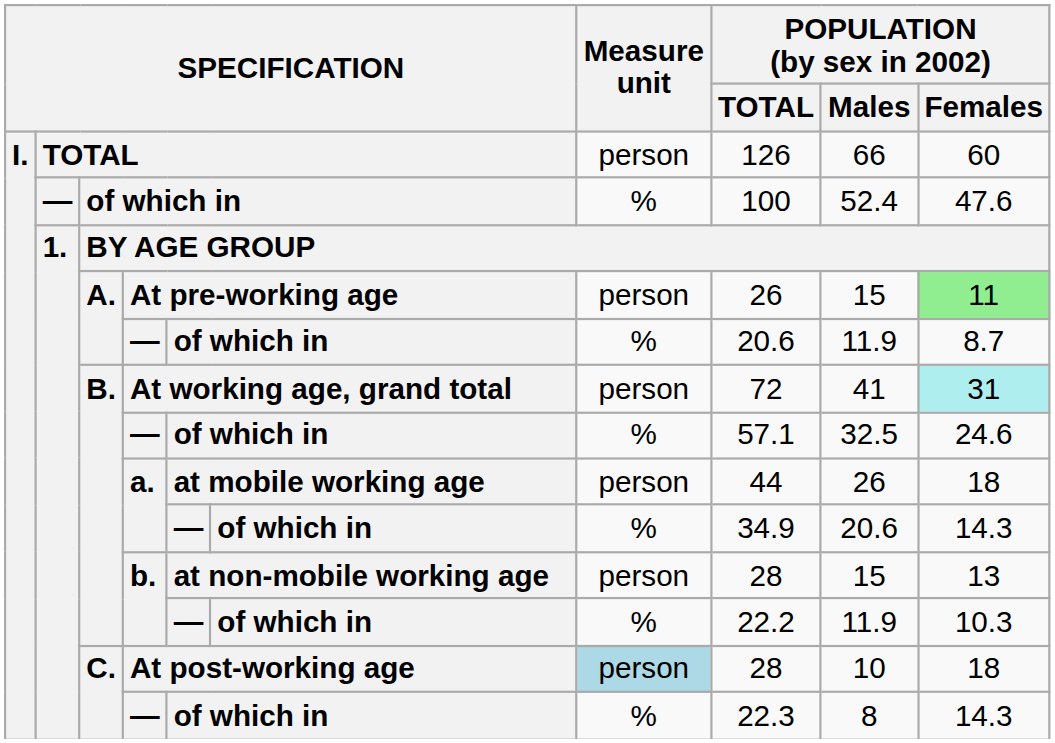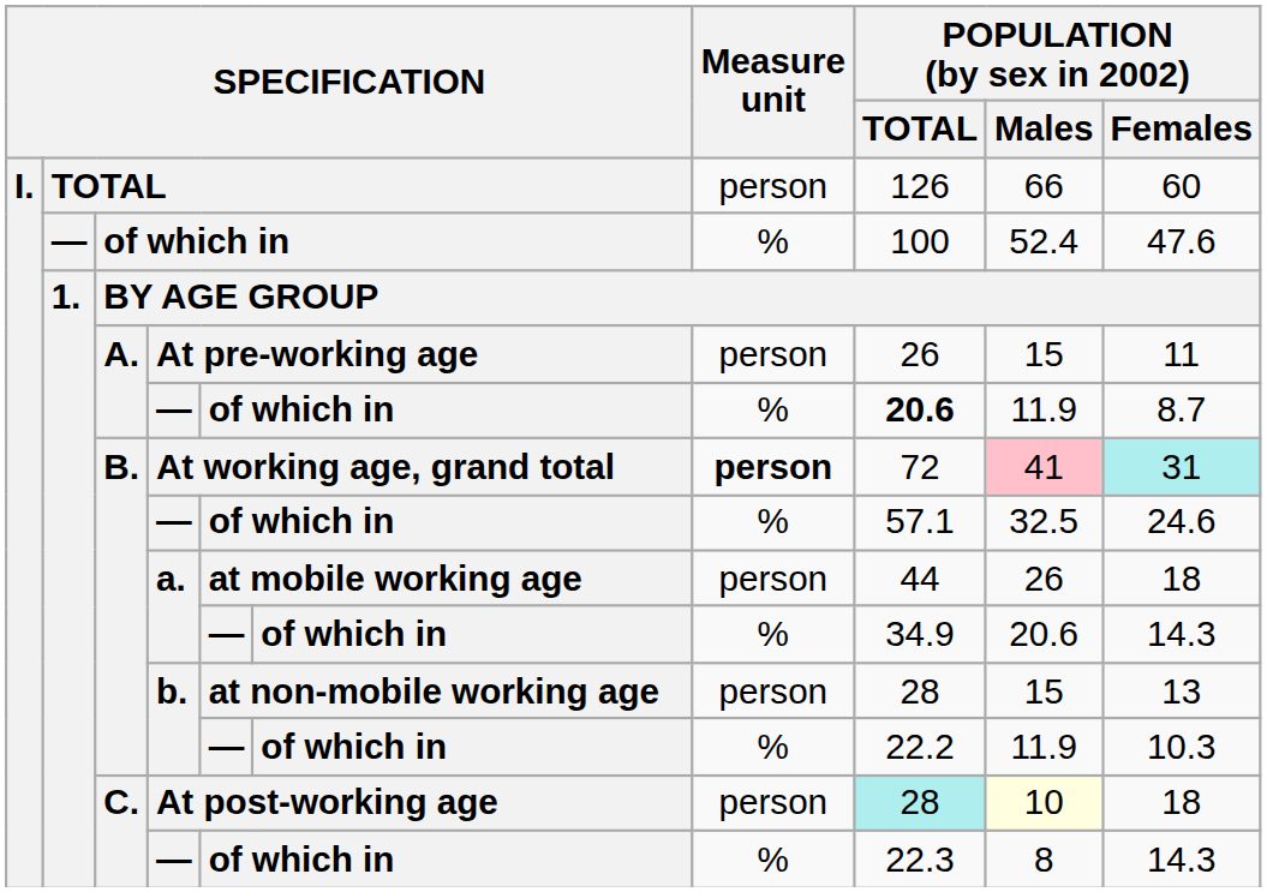 <table class="wikitable" style="font-size:85%; text-align:center">
 <tr>
 <th rowspan="2" colspan="6">SPECIFICATION</th>
 <th rowspan="2">Measure<br> unit</th>
 <th colspan="3" rowspan="1">POPULATION<br> (by sex in 2002)</th>
 </tr>
 <tr>
 <th>TOTAL</th>
 <th>Males</th>
 <th>Females</th>
 </tr>
 <tr>
 <th style="text-align:left" valign="top" rowspan="13">I.</th>
 <th style="text-align:left" colspan="5">TOTAL</th>
 <td>person</td>
 <td>126</td>
 <td>66</td>
 <td>60</td>
 </tr>
 <tr>
 <th style="text-align:left" valign="top">—</th>
 <th style="text-align:left" colspan="4">of which in</th>
 <td>%</td>
 <td>100</td>
 <td>52.4</td>
 <td>47.6</td>
 </tr>
 <tr>
 <th style="text-align:left" valign="top" rowspan="11">1.</th>
 <th style="text-align:left" colspan="19">BY AGE GROUP</th>
 </tr>
 <tr>
 <th style="text-align:left" valign="top" rowspan="2">A.</th>
 <th style="text-align:left" colspan="3">At pre-working age</th>
 <td>person</td>
 <td>26</td>
 <td>15</td>
-<td style="background: lightgreen;">11</td>
+<td>11</td>
 </tr>
 <tr>
 <th style="text-align:left" valign="top">—</th>
 <th style="text-align:left" valign="top" colspan="2">of which in</th>
 <td>%</td>
-<td>20.6</td>
+<td><strong>20.6</strong></td>
 <td>11.9</td>
 <td>8.7</td>
 </tr>
 <tr>
 <th style="text-align:left" valign="top" rowspan="6">B.</th>
 <th style="text-align:left" colspan="3">At working age, grand total</th>
-<td>person</td>
+<td><strong>person</strong></td>
 <td>72</td>
-<td>41</td>
+<td style="background: pink;">41</td>
 <td style="background: paleturquoise;">31</td>
 </tr>
 <tr>
 <th style="text-align:left" valign="top">—</th>
 <th style="text-align:left" valign="top" colspan="2">of which in</th>
 <td>%</td>
 <td>57.1</td>
 <td>32.5</td>
 <td>24.6</td>
 </tr>
 <tr>
 <th style="text-align:left" valign="top" rowspan="2">a.</th>
 <th style="text-align:left" colspan="2">at mobile working age</th>
 <td>person</td>
 <td>44</td>
 <td>26</td>
 <td>18</td>
 </tr>
 <tr>
 <th style="text-align:left" valign="top">—</th>
 <th style="text-align:left" valign="top" colspan="1">of which in                        </th>
 <td>%</td>
 <td>34.9</td>
 <td>20.6</td>
 <td>14.3</td>
 </tr>
 <tr>
 <th style="text-align:left" valign="top" rowspan="2">b.</th>
 <th style="text-align:left" colspan="2">at non-mobile working age</th>
 <td>person</td>
 <td>28</td>
 <td>15</td>
 <td>13</td>
 </tr>
 <tr>
 <th style="text-align:left" valign="top">—</th>
 <th style="text-align:left" valign="top" colspan="1">of which in                        </th>
 <td>%</td>
 <td>22.2</td>
 <td>11.9</td>
 <td>10.3</td>
 </tr>
 <tr>
 <th style="text-align:left" valign="top" rowspan="2">C.</th>
 <th style="text-align:left" colspan="3">At post-working age</th>
-<td style="background: lightblue;">person</td>
-<td>28</td>
-<td>10</td>
+<td>person</td>
+<td style="background: paleturquoise;">28</td>
+<td style="background: lightyellow;">10</td>
 <td>18</td>
 </tr>
 <tr>
 <th style="text-align:left" valign="top">—</th>
 <th style="text-align:left" valign="top" colspan="2">of which in</th>
 <td>%</td>
 <td>22.3</td>
 <td>8</td>
 <td>14.3</td>
 </tr>
 </table>
